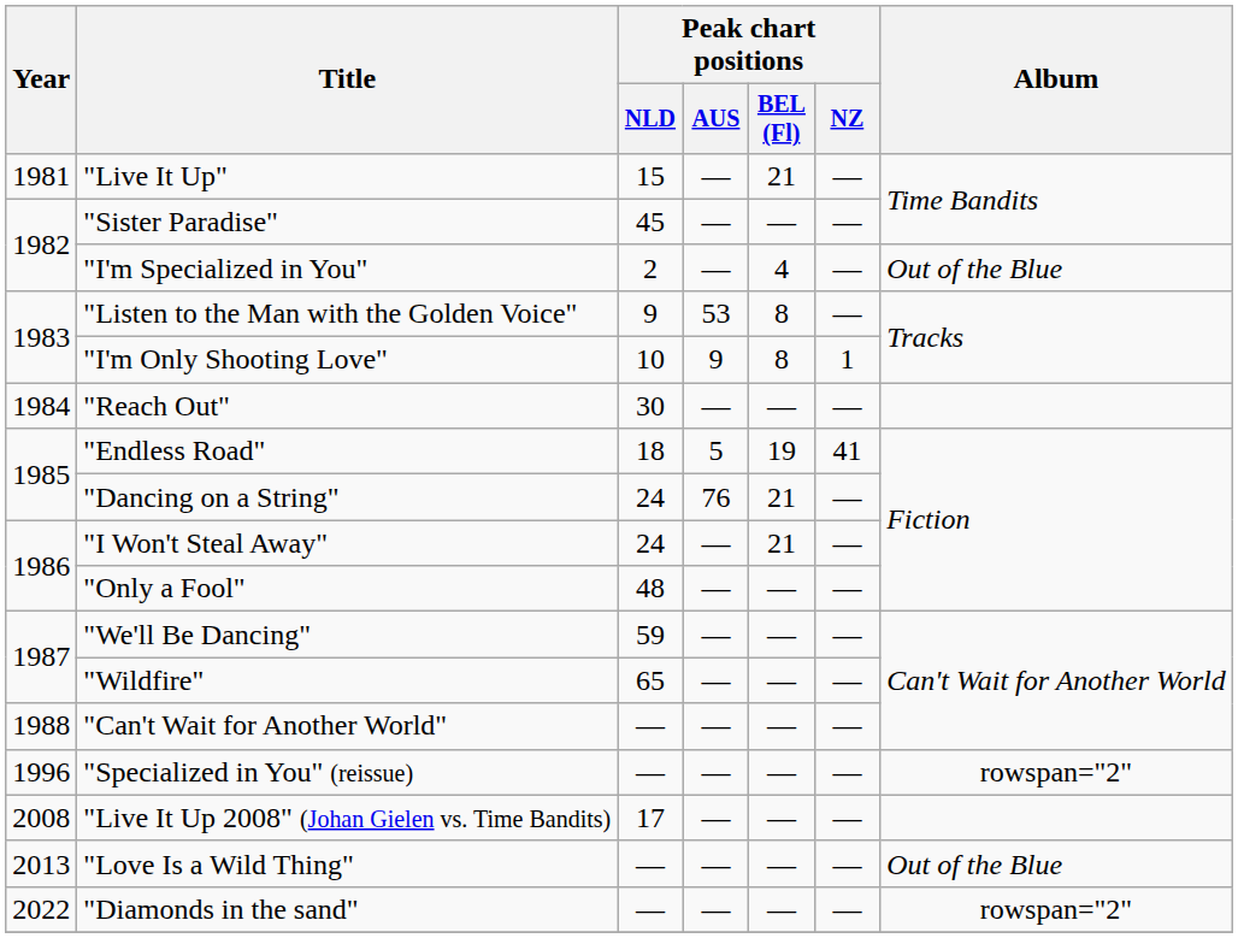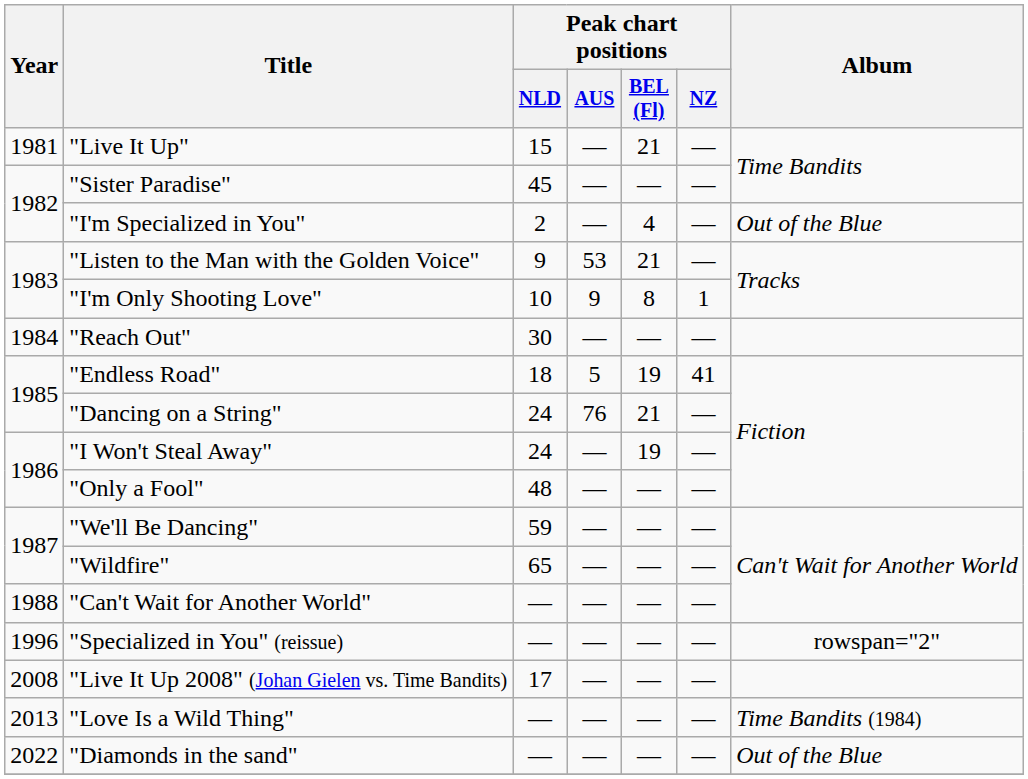 <table class="wikitable" style="text-align:center">
 <tr>
 <th rowspan="2">Year</th>
 <th rowspan="2">Title</th>
 <th colspan="4">Peak chart positions</th>
 <th rowspan="2">Album</th>
 </tr>
 <tr style="font-size:smaller;">
 <th style="width:30px;"><a href='#'>NLD</a><br></th>
 <th style="width:30px;"><a href='#'>AUS</a><br></th>
 <th style="width:30px;"><a href='#'>BEL (Fl)</a><br></th>
 <th style="width:30px;"><a href='#'>NZ</a><br></th>
 </tr>
 <tr>
 <td>1981</td>
 <td style="text-align:left;">"Live It Up"</td>
 <td>15</td>
 <td>—</td>
 <td>21</td>
 <td>—</td>
 <td style="text-align:left;" rowspan="2"><em>Time Bandits</em></td>
 </tr>
 <tr>
 <td rowspan="2">1982</td>
 <td style="text-align:left;">"Sister Paradise"</td>
 <td>45</td>
 <td>—</td>
 <td>—</td>
 <td>—</td>
 </tr>
 <tr>
 <td style="text-align:left;">"I'm Specialized in You"</td>
 <td>2</td>
 <td>—</td>
 <td>4</td>
 <td>—</td>
 <td style="text-align:left;"><em>Out of the Blue</em></td>
 </tr>
 <tr>
 <td rowspan="2">1983</td>
 <td style="text-align:left;">"Listen to the Man with the Golden Voice"</td>
 <td>9</td>
 <td>53</td>
-<td>8</td>
+<td>21</td>
 <td>—</td>
 <td style="text-align:left;" rowspan="2"><em>Tracks</em></td>
 </tr>
 <tr>
 <td style="text-align:left;">"I'm Only Shooting Love"</td>
 <td>10</td>
 <td>9</td>
 <td>8</td>
 <td>1</td>
 </tr>
 <tr>
 <td>1984</td>
 <td style="text-align:left;">"Reach Out"</td>
 <td>30</td>
 <td>—</td>
 <td>—</td>
 <td>—</td>
 <td></td>
 </tr>
 <tr>
 <td rowspan="2">1985</td>
 <td style="text-align:left;">"Endless Road"</td>
 <td>18</td>
 <td>5</td>
 <td>19</td>
 <td>41</td>
 <td style="text-align:left;" rowspan="4"><em>Fiction</em></td>
 </tr>
 <tr>
 <td style="text-align:left;">"Dancing on a String"</td>
 <td>24</td>
 <td>76</td>
 <td>21</td>
 <td>—</td>
 </tr>
 <tr>
 <td rowspan="2">1986</td>
 <td style="text-align:left;">"I Won't Steal Away"</td>
 <td>24</td>
 <td>—</td>
-<td>21</td>
+<td>19</td>
 <td>—</td>
 </tr>
 <tr>
 <td style="text-align:left;">"Only a Fool"</td>
 <td>48</td>
 <td>—</td>
 <td>—</td>
 <td>—</td>
 </tr>
 <tr>
 <td rowspan="2">1987</td>
 <td style="text-align:left;">"We'll Be Dancing"</td>
 <td>59</td>
 <td>—</td>
 <td>—</td>
 <td>—</td>
 <td style="text-align:left;" rowspan="3"><em>Can't Wait for Another World</em></td>
 </tr>
 <tr>
 <td style="text-align:left;">"Wildfire"</td>
 <td>65</td>
 <td>—</td>
 <td>—</td>
 <td>—</td>
 </tr>
 <tr>
 <td>1988</td>
 <td style="text-align:left;">"Can't Wait for Another World"</td>
 <td>—</td>
 <td>—</td>
 <td>—</td>
 <td>—</td>
 </tr>
 <tr>
 <td>1996</td>
 <td style="text-align:left;">"Specialized in You" <small>(reissue)</small></td>
 <td>—</td>
 <td>—</td>
 <td>—</td>
 <td>—</td>
 <td>rowspan="2" </td>
 </tr>
 <tr>
 <td>2008</td>
 <td style="text-align:left;">"Live It Up 2008" <small>(<a href='#'>Johan Gielen</a> vs. Time Bandits)</small></td>
 <td>17</td>
 <td>—</td>
 <td>—</td>
 <td>—</td>
 </tr>
 <tr>
 <td>2013</td>
 <td style="text-align:left;">"Love Is a Wild Thing"</td>
 <td>—</td>
 <td>—</td>
 <td>—</td>
 <td>—</td>
-<td style="text-align:left;"><em>Out of the Blue</em></td>
+<td style="text-align:left;"><em>Time Bandits</em> <small>(1984)</small></td>
 </tr>
 <tr>
 <td>2022</td>
 <td style="text-align:left;">"Diamonds in the sand"</td>
 <td>—</td>
 <td>—</td>
 <td>—</td>
 <td>—</td>
-<td>rowspan="2" </td>
+<td style="text-align:left;"><em>Out of the Blue</em></td>
 </tr>
 <tr>
 </tr>
 </table>
